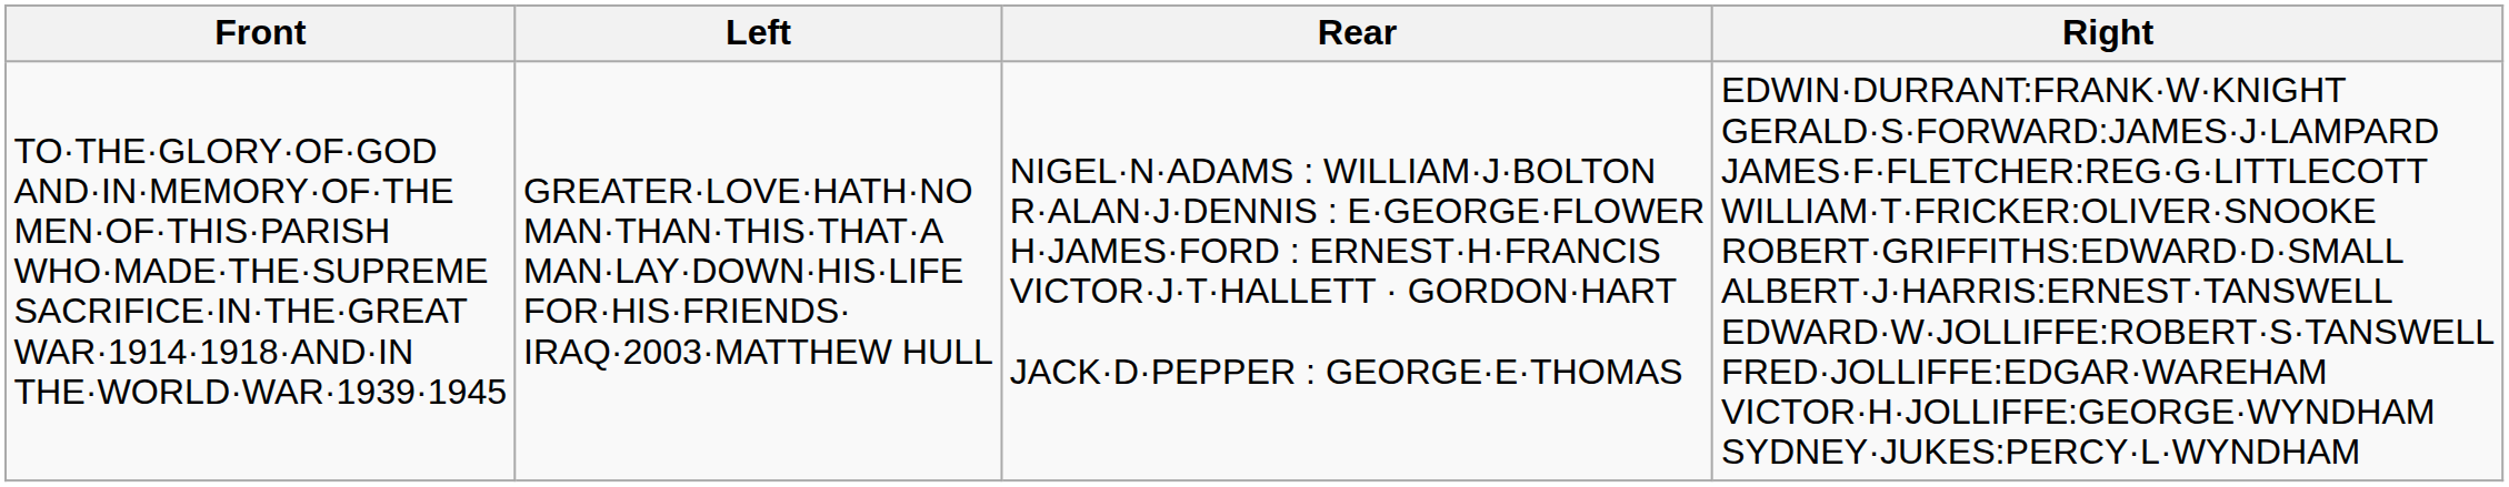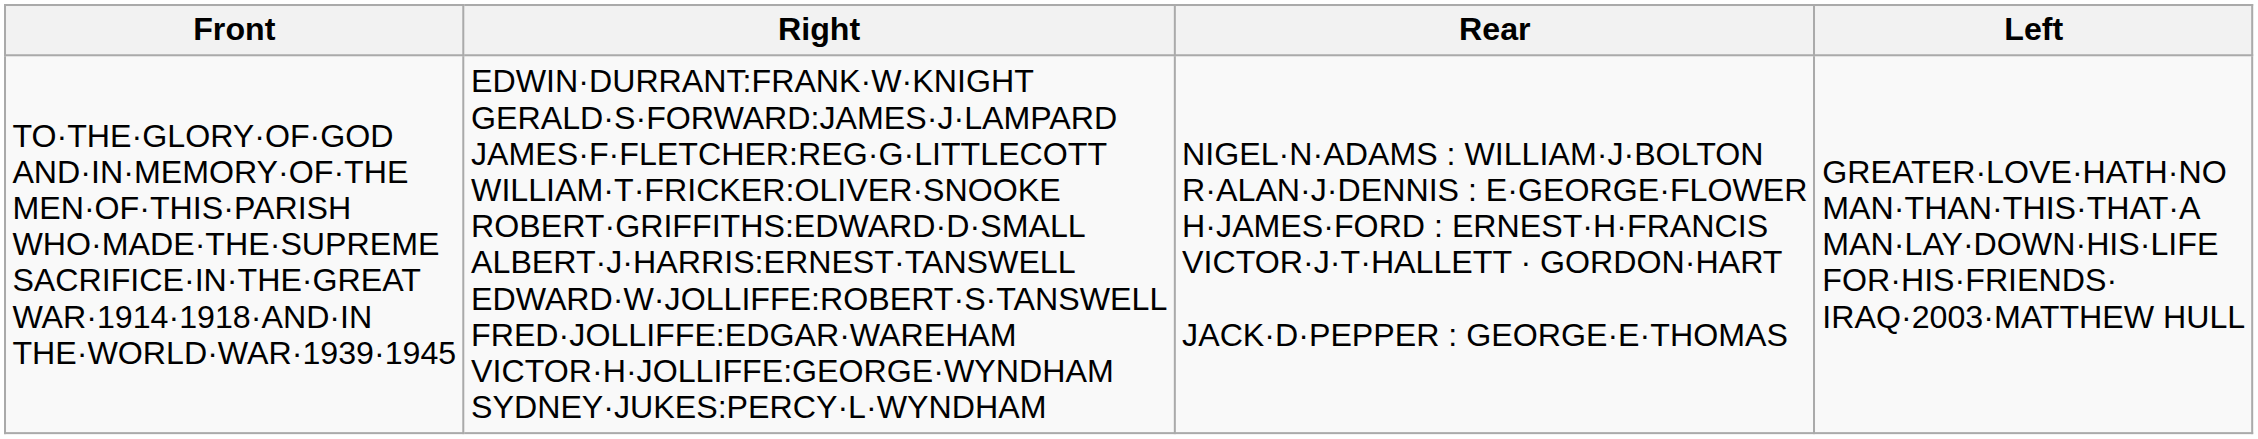 <table class="wikitable">
 <tr>
 <th>Front</th>
+<th>Right</th>
+<th>Rear</th>
 <th>Left</th>
-<th>Rear</th>
-<th>Right</th>
 </tr>
 <tr>
 <td>TO·THE·GLORY·OF·GOD<br>AND·IN·MEMORY·OF·THE<br>MEN·OF·THIS·PARISH<br>WHO·MADE·THE·SUPREME<br>SACRIFICE·IN·THE·GREAT<br>WAR·1914·1918·AND·IN<br>THE·WORLD·WAR·1939·1945</td>
+<td>EDWIN·DURRANT:FRANK·W·KNIGHT<br>GERALD·S·FORWARD:JAMES·J·LAMPARD<br>JAMES·F·FLETCHER:REG·G·LITTLECOTT<br>WILLIAM·T·FRICKER:OLIVER·SNOOKE<br>ROBERT·GRIFFITHS:EDWARD·D·SMALL<br>ALBERT·J·HARRIS:ERNEST·TANSWELL<br>EDWARD·W·JOLLIFFE:ROBERT·S·TANSWELL<br>FRED·JOLLIFFE:EDGAR·WAREHAM<br>VICTOR·H·JOLLIFFE:GEORGE·WYNDHAM<br>SYDNEY·JUKES:PERCY·L·WYNDHAM</td>
+<td>NIGEL·N·ADAMS : WILLIAM·J·BOLTON<br>R·ALAN·J·DENNIS : E·GEORGE·FLOWER<br>H·JAMES·FORD : ERNEST·H·FRANCIS<br>VICTOR·J·T·HALLETT · GORDON·HART<br><br>JACK·D·PEPPER : GEORGE·E·THOMAS</td>
 <td>GREATER·LOVE·HATH·NO<br>MAN·THAN·THIS·THAT·A<br>MAN·LAY·DOWN·HIS·LIFE<br>FOR·HIS·FRIENDS·<br>IRAQ·2003·MATTHEW HULL</td>
-<td>NIGEL·N·ADAMS : WILLIAM·J·BOLTON<br>R·ALAN·J·DENNIS : E·GEORGE·FLOWER<br>H·JAMES·FORD : ERNEST·H·FRANCIS<br>VICTOR·J·T·HALLETT · GORDON·HART<br><br>JACK·D·PEPPER : GEORGE·E·THOMAS</td>
-<td>EDWIN·DURRANT:FRANK·W·KNIGHT<br>GERALD·S·FORWARD:JAMES·J·LAMPARD<br>JAMES·F·FLETCHER:REG·G·LITTLECOTT<br>WILLIAM·T·FRICKER:OLIVER·SNOOKE<br>ROBERT·GRIFFITHS:EDWARD·D·SMALL<br>ALBERT·J·HARRIS:ERNEST·TANSWELL<br>EDWARD·W·JOLLIFFE:ROBERT·S·TANSWELL<br>FRED·JOLLIFFE:EDGAR·WAREHAM<br>VICTOR·H·JOLLIFFE:GEORGE·WYNDHAM<br>SYDNEY·JUKES:PERCY·L·WYNDHAM</td>
 </tr>
 </table>
